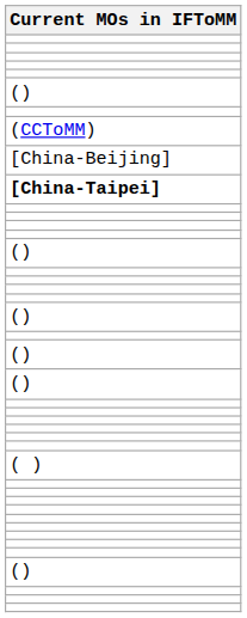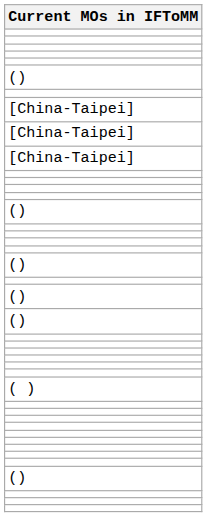 <table class="wikitable sortable" style="float:right; clear:right; margin-left:1ex; border:1px solid gray; padding:0.7ex; background-color:white;">
 <tr>
 <th>Current MOs in IFToMM</th>
 </tr>
 <tr>
 <td></td>
 </tr>
 <tr>
 <td></td>
 </tr>
 <tr>
 <td></td>
 </tr>
 <tr>
 <td></td>
 </tr>
 <tr>
 <td></td>
 </tr>
 <tr>
 <td> ()</td>
 </tr>
 <tr>
 <td></td>
 </tr>
 <tr>
-<td> (<a href='#'>CCToMM</a>)</td>
+<td> [China-Taipei]</td>
 </tr>
 <tr>
-<td> [China-Beijing]</td>
+<td> [China-Taipei]</td>
 </tr>
 <tr>
-<td><strong> [China-Taipei]</strong></td>
+<td> [China-Taipei]</td>
 </tr>
 <tr>
 <td></td>
 </tr>
 <tr>
 <td></td>
 </tr>
 <tr>
 <td></td>
 </tr>
 <tr>
 <td></td>
 </tr>
 <tr>
 <td> ()</td>
 </tr>
 <tr>
 <td></td>
 </tr>
 <tr>
 <td></td>
 </tr>
 <tr>
 <td></td>
 </tr>
 <tr>
 <td></td>
 </tr>
 <tr>
 <td> ()</td>
 </tr>
 <tr>
 <td></td>
 </tr>
 <tr>
 <td> ()</td>
 </tr>
 <tr>
 <td> ()</td>
 </tr>
 <tr>
 <td></td>
 </tr>
 <tr>
 <td></td>
 </tr>
 <tr>
 <td></td>
 </tr>
 <tr>
 <td></td>
 </tr>
 <tr>
 <td></td>
 </tr>
 <tr>
 <td></td>
 </tr>
 <tr>
 <td> ( )</td>
 </tr>
 <tr>
 <td></td>
 </tr>
 <tr>
 <td></td>
 </tr>
 <tr>
 <td></td>
 </tr>
 <tr>
 <td></td>
 </tr>
 <tr>
 <td></td>
 </tr>
 <tr>
 <td></td>
 </tr>
 <tr>
 <td></td>
 </tr>
 <tr>
 <td></td>
 </tr>
 <tr>
 <td></td>
 </tr>
 <tr>
 <td> ()</td>
 </tr>
 <tr>
 <td></td>
 </tr>
 <tr>
 <td></td>
 </tr>
 <tr>
 <td></td>
 </tr>
 </table>
